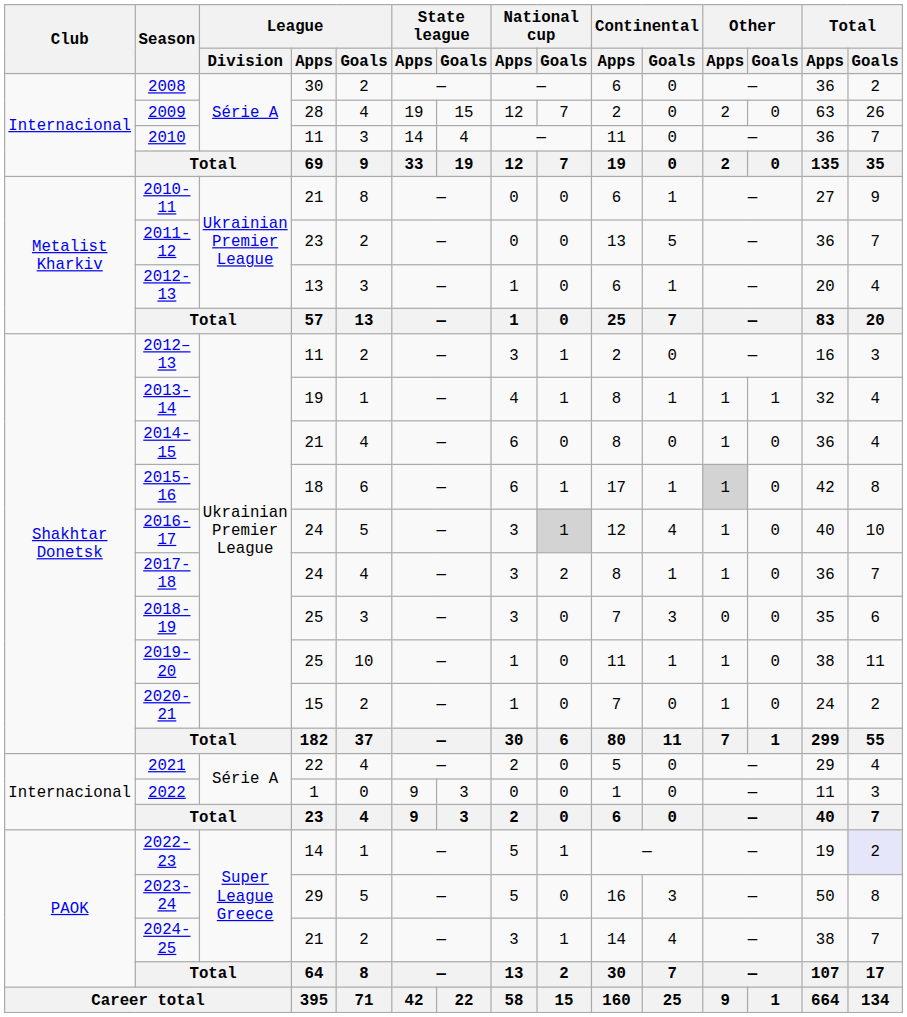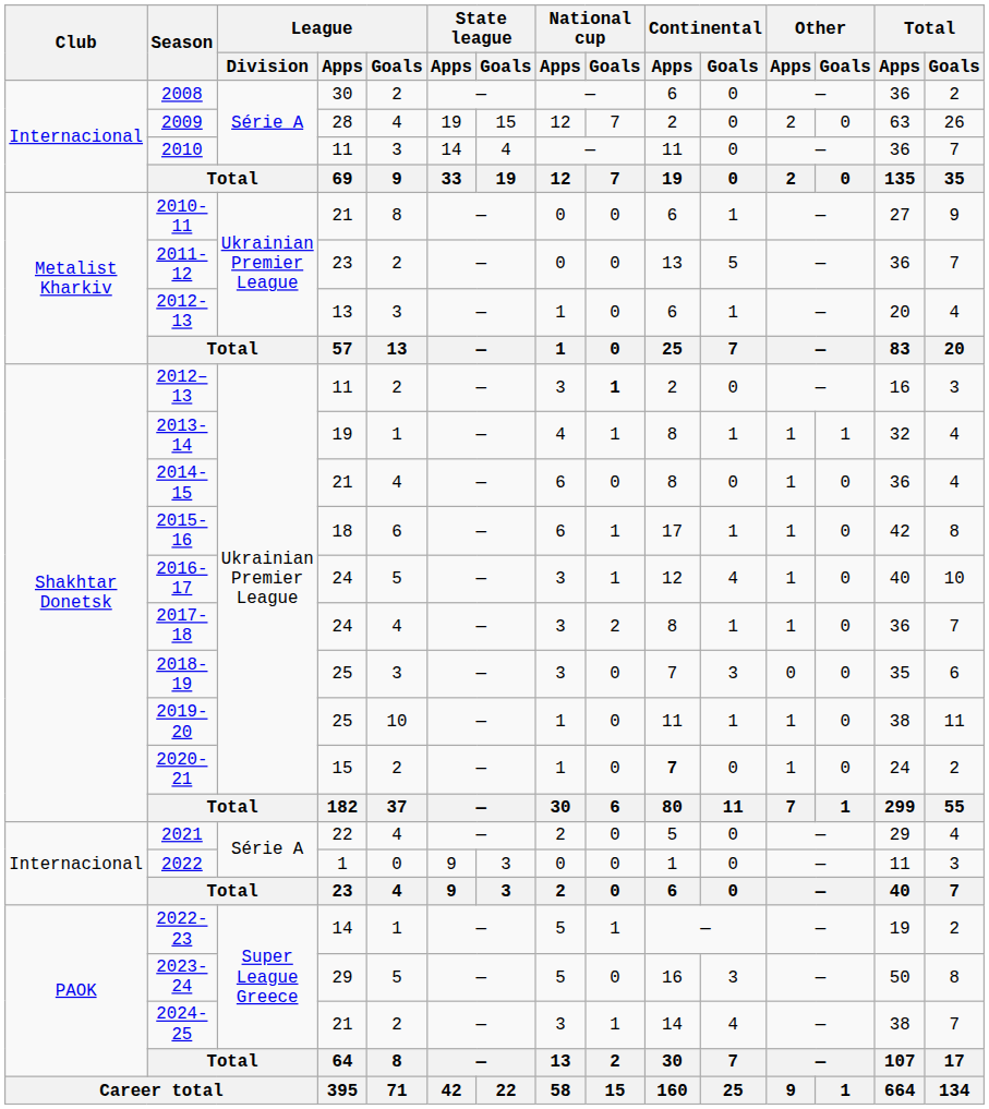 <table class="wikitable" style="text-align:center">
 <tr>
 <th rowspan="2" style="width:120px;">Club</th>
 <th rowspan="2">Season</th>
 <th colspan="3">League</th>
 <th colspan="2">State league</th>
 <th colspan="2">National cup</th>
 <th colspan="2">Continental</th>
 <th colspan="2">Other</th>
 <th colspan="2">Total</th>
 </tr>
 <tr>
 <th>Division</th>
 <th>Apps</th>
 <th>Goals</th>
 <th>Apps</th>
 <th>Goals</th>
 <th>Apps</th>
 <th>Goals</th>
 <th>Apps</th>
 <th>Goals</th>
 <th>Apps</th>
 <th>Goals</th>
 <th>Apps</th>
 <th>Goals</th>
 </tr>
 <tr>
 <td rowspan="4"><a href='#'>Internacional</a></td>
 <td><a href='#'>2008</a></td>
 <td rowspan="3"><a href='#'>Série A</a></td>
 <td>30</td>
 <td>2</td>
 <td colspan="2">—</td>
 <td colspan="2">—</td>
 <td>6</td>
 <td>0</td>
 <td colspan="2">—</td>
 <td>36</td>
 <td>2</td>
 </tr>
 <tr>
 <td><a href='#'>2009</a></td>
 <td>28</td>
 <td>4</td>
 <td>19</td>
 <td>15</td>
 <td>12</td>
 <td>7</td>
 <td>2</td>
 <td>0</td>
 <td>2</td>
 <td>0</td>
 <td>63</td>
 <td>26</td>
 </tr>
 <tr>
 <td><a href='#'>2010</a></td>
 <td>11</td>
 <td>3</td>
 <td>14</td>
 <td>4</td>
 <td colspan="2">—</td>
 <td>11</td>
 <td>0</td>
 <td colspan="2">—</td>
 <td>36</td>
 <td>7</td>
 </tr>
 <tr>
 <th colspan="2">Total</th>
 <th>69</th>
 <th>9</th>
 <th>33</th>
 <th>19</th>
 <th>12</th>
 <th>7</th>
 <th>19</th>
 <th>0</th>
 <th>2</th>
 <th>0</th>
 <th>135</th>
 <th>35</th>
 </tr>
 <tr>
 <td rowspan="4"><a href='#'>Metalist Kharkiv</a></td>
 <td><a href='#'>2010-11</a></td>
 <td rowspan="3"><a href='#'>Ukrainian Premier League</a></td>
 <td>21</td>
 <td>8</td>
 <td colspan="2">—</td>
 <td>0</td>
 <td>0</td>
 <td>6</td>
 <td>1</td>
 <td colspan="2">—</td>
 <td>27</td>
 <td>9</td>
 </tr>
 <tr>
 <td><a href='#'>2011-12</a></td>
 <td>23</td>
 <td>2</td>
 <td colspan="2">—</td>
 <td>0</td>
 <td>0</td>
 <td>13</td>
 <td>5</td>
 <td colspan="2">—</td>
 <td>36</td>
 <td>7</td>
 </tr>
 <tr>
 <td><a href='#'>2012-13</a></td>
 <td>13</td>
 <td>3</td>
 <td colspan="2">—</td>
 <td>1</td>
 <td>0</td>
 <td>6</td>
 <td>1</td>
 <td colspan="2">—</td>
 <td>20</td>
 <td>4</td>
 </tr>
 <tr>
 <th colspan="2">Total</th>
 <th>57</th>
 <th>13</th>
 <th colspan="2">—</th>
 <th>1</th>
 <th>0</th>
 <th>25</th>
 <th>7</th>
 <th colspan="2">—</th>
 <th>83</th>
 <th>20</th>
 </tr>
 <tr>
 <td rowspan="10"><a href='#'>Shakhtar Donetsk</a></td>
 <td><a href='#'>2012–13</a></td>
 <td rowspan="9">Ukrainian Premier League</td>
 <td>11</td>
 <td>2</td>
 <td colspan="2">—</td>
 <td>3</td>
-<td>1</td>
+<td><strong>1</strong></td>
 <td>2</td>
 <td>0</td>
 <td colspan="2">—</td>
 <td>16</td>
 <td>3</td>
 </tr>
 <tr>
 <td><a href='#'>2013-14</a></td>
 <td>19</td>
 <td>1</td>
 <td colspan="2">—</td>
 <td>4</td>
 <td>1</td>
 <td>8</td>
 <td>1</td>
 <td>1</td>
 <td>1</td>
 <td>32</td>
 <td>4</td>
 </tr>
 <tr>
 <td><a href='#'>2014-15</a></td>
 <td>21</td>
 <td>4</td>
 <td colspan="2">—</td>
 <td>6</td>
 <td>0</td>
 <td>8</td>
 <td>0</td>
 <td>1</td>
 <td>0</td>
 <td>36</td>
 <td>4</td>
 </tr>
 <tr>
 <td><a href='#'>2015-16</a></td>
 <td>18</td>
 <td>6</td>
 <td colspan="2">—</td>
 <td>6</td>
 <td>1</td>
 <td>17</td>
 <td>1</td>
-<td style="background: lightgrey;">1</td>
+<td>1</td>
 <td>0</td>
 <td>42</td>
 <td>8</td>
 </tr>
 <tr>
 <td><a href='#'>2016-17</a></td>
 <td>24</td>
 <td>5</td>
 <td colspan="2">—</td>
 <td>3</td>
-<td style="background: lightgrey;">1</td>
+<td>1</td>
 <td>12</td>
 <td>4</td>
 <td>1</td>
 <td>0</td>
 <td>40</td>
 <td>10</td>
 </tr>
 <tr>
 <td><a href='#'>2017-18</a></td>
 <td>24</td>
 <td>4</td>
 <td colspan="2">—</td>
 <td>3</td>
 <td>2</td>
 <td>8</td>
 <td>1</td>
 <td>1</td>
 <td>0</td>
 <td>36</td>
 <td>7</td>
 </tr>
 <tr>
 <td><a href='#'>2018-19</a></td>
 <td>25</td>
 <td>3</td>
 <td colspan="2">—</td>
 <td>3</td>
 <td>0</td>
 <td>7</td>
 <td>3</td>
 <td>0</td>
 <td>0</td>
 <td>35</td>
 <td>6</td>
 </tr>
 <tr>
 <td><a href='#'>2019-20</a></td>
 <td>25</td>
 <td>10</td>
 <td colspan="2">—</td>
 <td>1</td>
 <td>0</td>
 <td>11</td>
 <td>1</td>
 <td>1</td>
 <td>0</td>
 <td>38</td>
 <td>11</td>
 </tr>
 <tr>
 <td><a href='#'>2020-21</a></td>
 <td>15</td>
 <td>2</td>
 <td colspan="2">—</td>
 <td>1</td>
 <td>0</td>
-<td>7</td>
+<td><strong>7</strong></td>
 <td>0</td>
 <td>1</td>
 <td>0</td>
 <td>24</td>
 <td>2</td>
 </tr>
 <tr>
 <th colspan="2">Total</th>
 <th>182</th>
 <th>37</th>
 <th colspan="2">—</th>
 <th>30</th>
 <th>6</th>
 <th>80</th>
 <th>11</th>
 <th>7</th>
 <th>1</th>
 <th>299</th>
 <th>55</th>
 </tr>
 <tr>
 <td rowspan="3">Internacional</td>
 <td><a href='#'>2021</a></td>
 <td rowspan="2">Série A</td>
 <td>22</td>
 <td>4</td>
 <td colspan="2">—</td>
 <td>2</td>
 <td>0</td>
 <td>5</td>
 <td>0</td>
 <td colspan="2">—</td>
 <td>29</td>
 <td>4</td>
 </tr>
 <tr>
 <td><a href='#'>2022</a></td>
 <td>1</td>
 <td>0</td>
 <td>9</td>
 <td>3</td>
 <td>0</td>
 <td>0</td>
 <td>1</td>
 <td>0</td>
 <td colspan="2">—</td>
 <td>11</td>
 <td>3</td>
 </tr>
 <tr>
 <th colspan="2">Total</th>
 <th>23</th>
 <th>4</th>
 <th>9</th>
 <th>3</th>
 <th>2</th>
 <th>0</th>
 <th>6</th>
 <th>0</th>
 <th colspan="2">—</th>
 <th>40</th>
 <th>7</th>
 </tr>
 <tr>
 <td rowspan="4"><a href='#'>PAOK</a></td>
 <td><a href='#'>2022-23</a></td>
 <td rowspan="3"><a href='#'>Super League Greece</a></td>
 <td>14</td>
 <td>1</td>
 <td colspan="2">—</td>
 <td>5</td>
 <td>1</td>
 <td colspan="2">—</td>
 <td colspan="2">—</td>
 <td>19</td>
-<td style="background: lavender;">2</td>
+<td>2</td>
 </tr>
 <tr>
 <td><a href='#'>2023-24</a></td>
 <td>29</td>
 <td>5</td>
 <td colspan="2">—</td>
 <td>5</td>
 <td>0</td>
 <td>16</td>
 <td>3</td>
 <td colspan="2">—</td>
 <td>50</td>
 <td>8</td>
 </tr>
 <tr>
 <td><a href='#'>2024-25</a></td>
 <td>21</td>
 <td>2</td>
 <td colspan="2">—</td>
 <td>3</td>
 <td>1</td>
 <td>14</td>
 <td>4</td>
 <td colspan="2">—</td>
 <td>38</td>
 <td>7</td>
 </tr>
 <tr>
 <th colspan="2">Total</th>
 <th>64</th>
 <th>8</th>
 <th colspan="2">—</th>
 <th>13</th>
 <th>2</th>
 <th>30</th>
 <th>7</th>
 <th colspan="2">—</th>
 <th>107</th>
 <th>17</th>
 </tr>
 <tr>
 <th colspan="3">Career total</th>
 <th>395</th>
 <th>71</th>
 <th>42</th>
 <th>22</th>
 <th>58</th>
 <th>15</th>
 <th>160</th>
 <th>25</th>
 <th>9</th>
 <th>1</th>
 <th>664</th>
 <th>134</th>
 </tr>
 </table>
